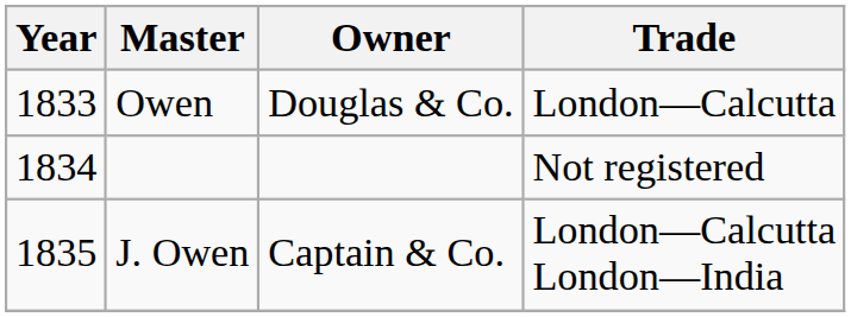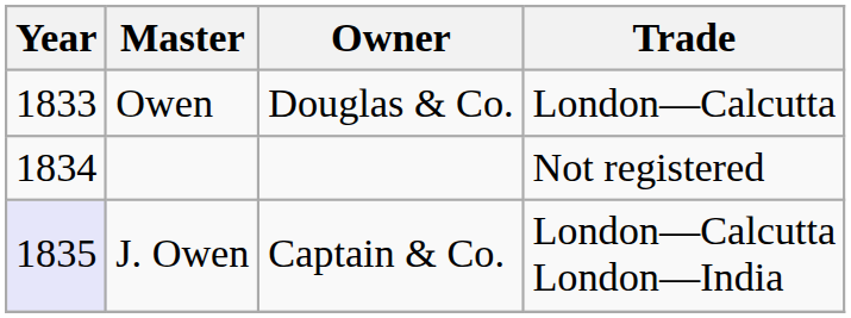 <table class="sortable wikitable">
 <tr>
 <th>Year</th>
 <th>Master</th>
 <th>Owner</th>
 <th>Trade</th>
 </tr>
 <tr>
 <td>1833</td>
 <td>Owen</td>
 <td>Douglas & Co.</td>
 <td>London—Calcutta</td>
 </tr>
 <tr>
 <td>1834</td>
 <td></td>
 <td></td>
 <td>Not registered</td>
 </tr>
 <tr>
-<td>1835</td>
+<td style="background: lavender;">1835</td>
 <td>J. Owen</td>
 <td>Captain & Co.</td>
 <td>London—Calcutta<br>London—India</td>
 </tr>
 <tr>
 </tr>
 </table>
